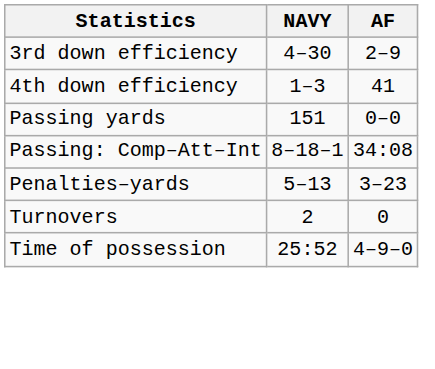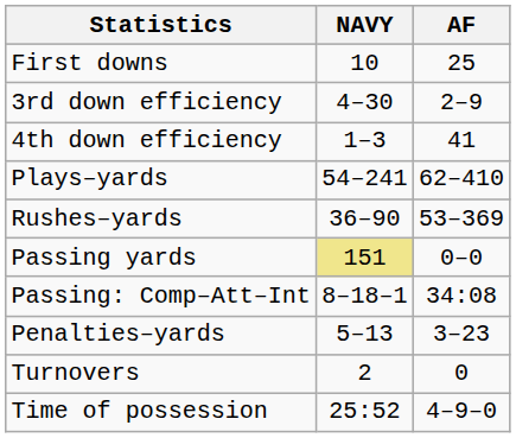 <table class="wikitable">
 <tr>
 <th>Statistics</th>
 <th>NAVY</th>
 <th>AF</th>
+</tr>
+<tr>
+<td>First downs</td>
+<td align=center>10</td>
+<td align=center>25</td>
 </tr>
 <tr>
 <td>3rd down efficiency</td>
 <td align=center>4–30</td>
 <td align=center>2–9</td>
 </tr>
 <tr>
 <td>4th down efficiency</td>
 <td align=center>1–3</td>
 <td align=center>41</td>
 </tr>
 <tr>
+<td>Plays–yards</td>
+<td align=center>54–241</td>
+<td align=center>62–410</td>
+</tr>
+<tr>
+<td>Rushes–yards</td>
+<td align=center>36–90</td>
+<td align=center>53–369</td>
+</tr>
+<tr>
 <td>Passing yards</td>
-<td align=center>151</td>
+<td align=center style="background: khaki;">151</td>
 <td align=center>0–0</td>
 </tr>
 <tr>
 <td>Passing: Comp–Att–Int</td>
 <td align=center>8–18–1</td>
 <td align=center>34:08</td>
 </tr>
 <tr>
 <td>Penalties–yards</td>
 <td align=center>5–13</td>
 <td align=center>3–23</td>
 </tr>
 <tr>
 <td>Turnovers</td>
 <td align=center>2</td>
 <td align=center>0</td>
 </tr>
 <tr>
 <td>Time of possession</td>
 <td align=center>25:52</td>
 <td align=center>4–9–0</td>
 </tr>
 </table>
